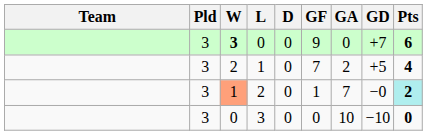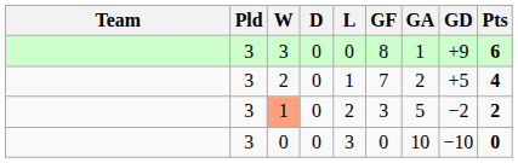 <table class="wikitable" style="text-align:center;">
 <tr>
 <th width=180>Team</th>
 <th width=20>Pld</th>
 <th width=20>W</th>
+<th width=20>D</th>
 <th width=20>L</th>
-<th width=20>D</th>
 <th width=20>GF</th>
 <th width=20>GA</th>
 <th width=20>GD</th>
 <th width=20>Pts</th>
 </tr>
 <tr bgcolor="ccffcc">
 <td align="left"></td>
 <td>3</td>
-<td><strong>3</strong></td>
+<td>3</td>
 <td>0</td>
 <td>0</td>
-<td>9</td>
-<td>0</td>
-<td>+7</td>
+<td>8</td>
+<td>1</td>
+<td>+9</td>
 <td><strong>6</strong></td>
 </tr>
 <tr>
 <td align="left"></td>
 <td>3</td>
 <td>2</td>
+<td>0</td>
 <td>1</td>
-<td>0</td>
 <td>7</td>
 <td>2</td>
 <td>+5</td>
 <td><strong>4</strong></td>
 </tr>
 <tr>
 <td align="left"></td>
 <td>3</td>
 <td style="background: lightsalmon;">1</td>
+<td>0</td>
 <td>2</td>
-<td>0</td>
-<td>1</td>
-<td>7</td>
-<td>−0</td>
-<td style="background: paleturquoise;"><strong>2</strong></td>
+<td>3</td>
+<td>5</td>
+<td>−2</td>
+<td><strong>2</strong></td>
 </tr>
 <tr>
 <td align="left"></td>
 <td>3</td>
 <td>0</td>
+<td>0</td>
 <td>3</td>
-<td>0</td>
 <td>0</td>
 <td>10</td>
 <td>−10</td>
 <td><strong>0</strong></td>
 </tr>
 </table>
